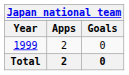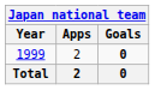 <table class="wikitable" style="text-align:center">
 <tr>
 <th colspan=3><a href='#'>Japan national team</a></th>
 </tr>
 <tr>
 <th>Year</th>
 <th>Apps</th>
 <th>Goals</th>
 </tr>
 <tr>
 <td><a href='#'>1999</a></td>
 <td>2</td>
-<td>0</td>
+<td><strong>0</strong></td>
 </tr>
 <tr>
 <th>Total</th>
 <th>2</th>
 <th>0</th>
 </tr>
 </table>
